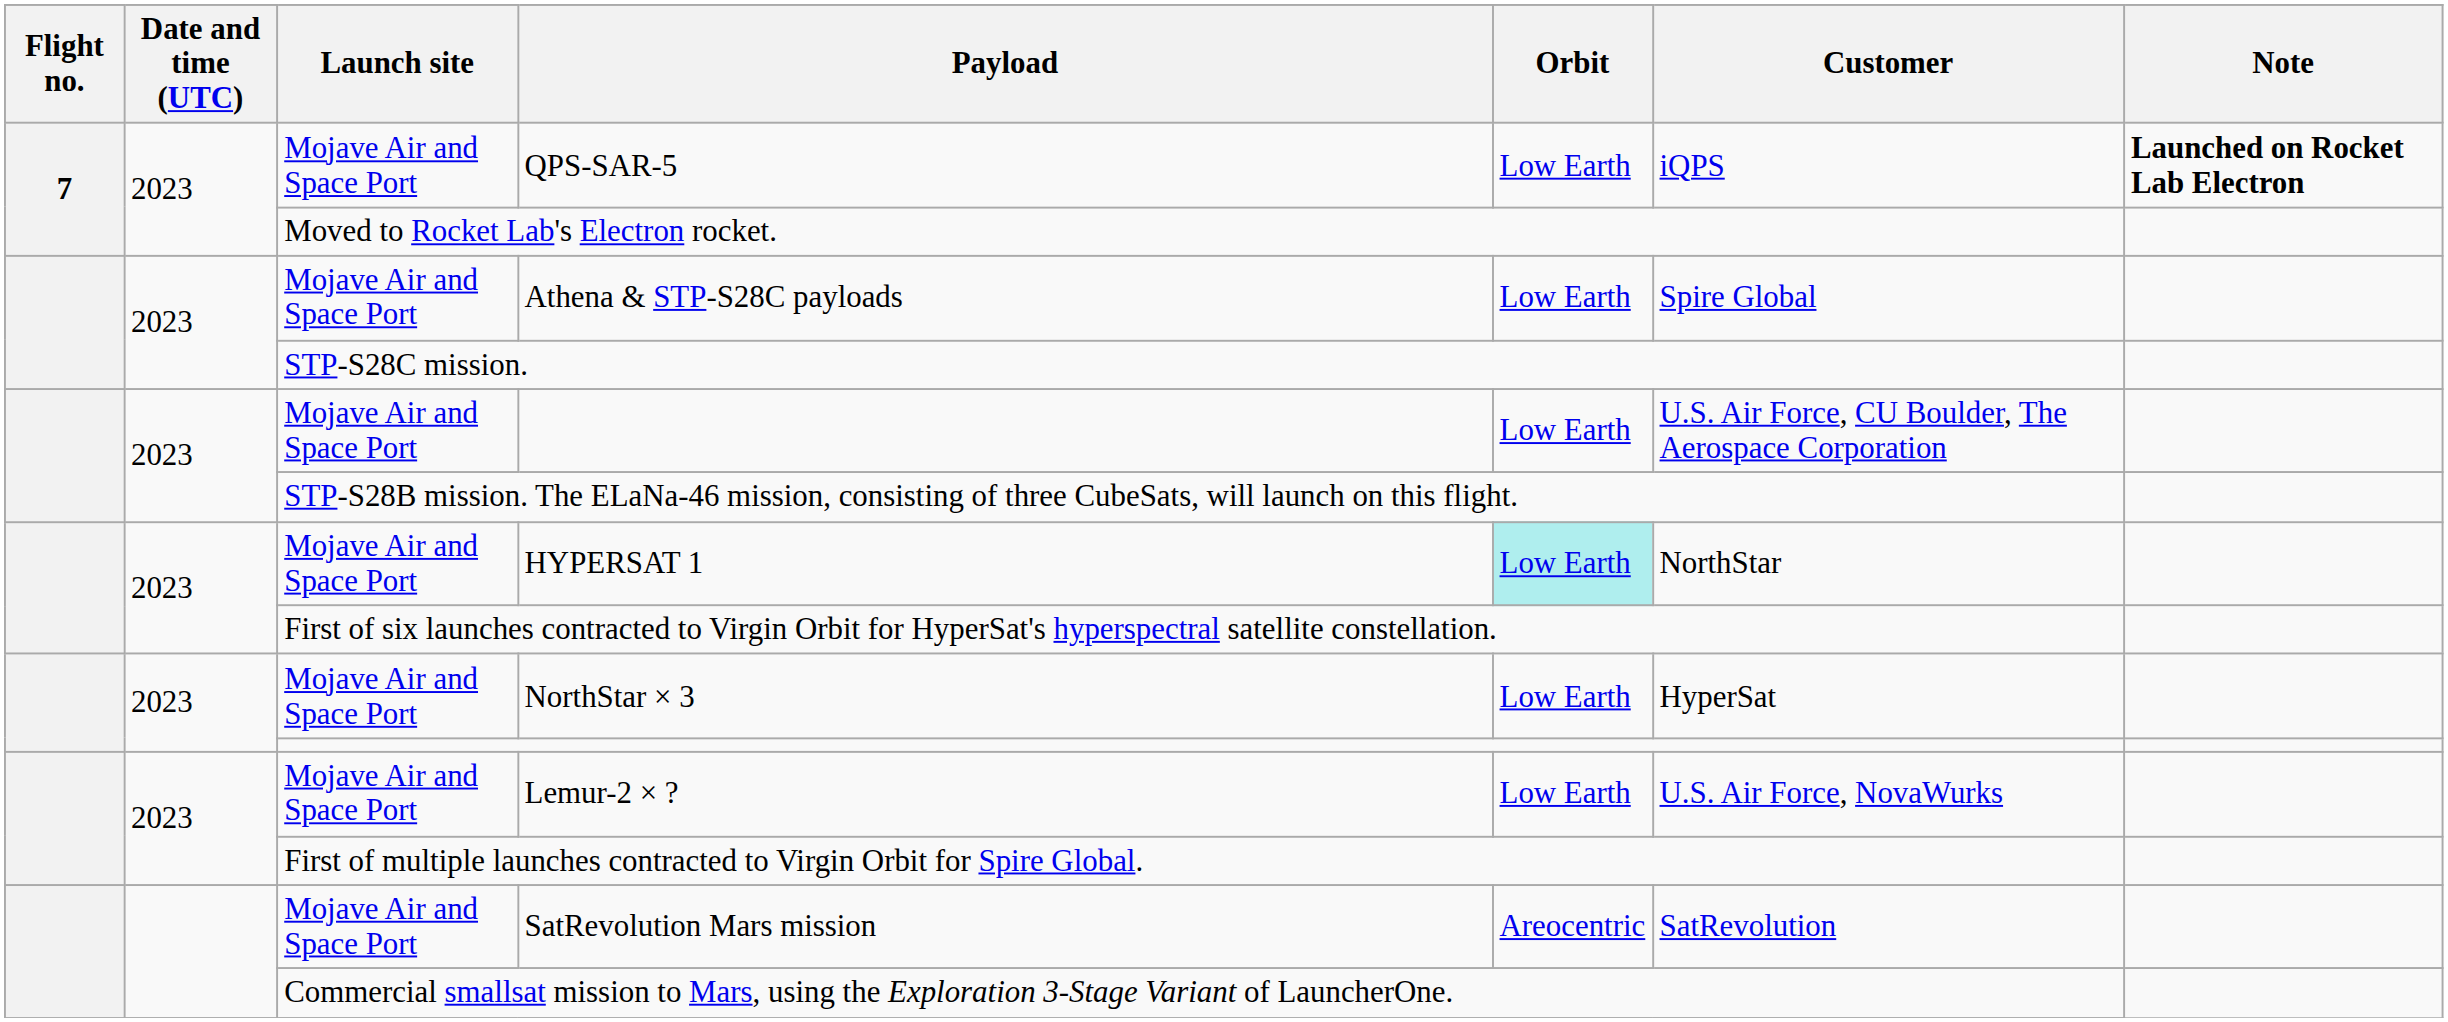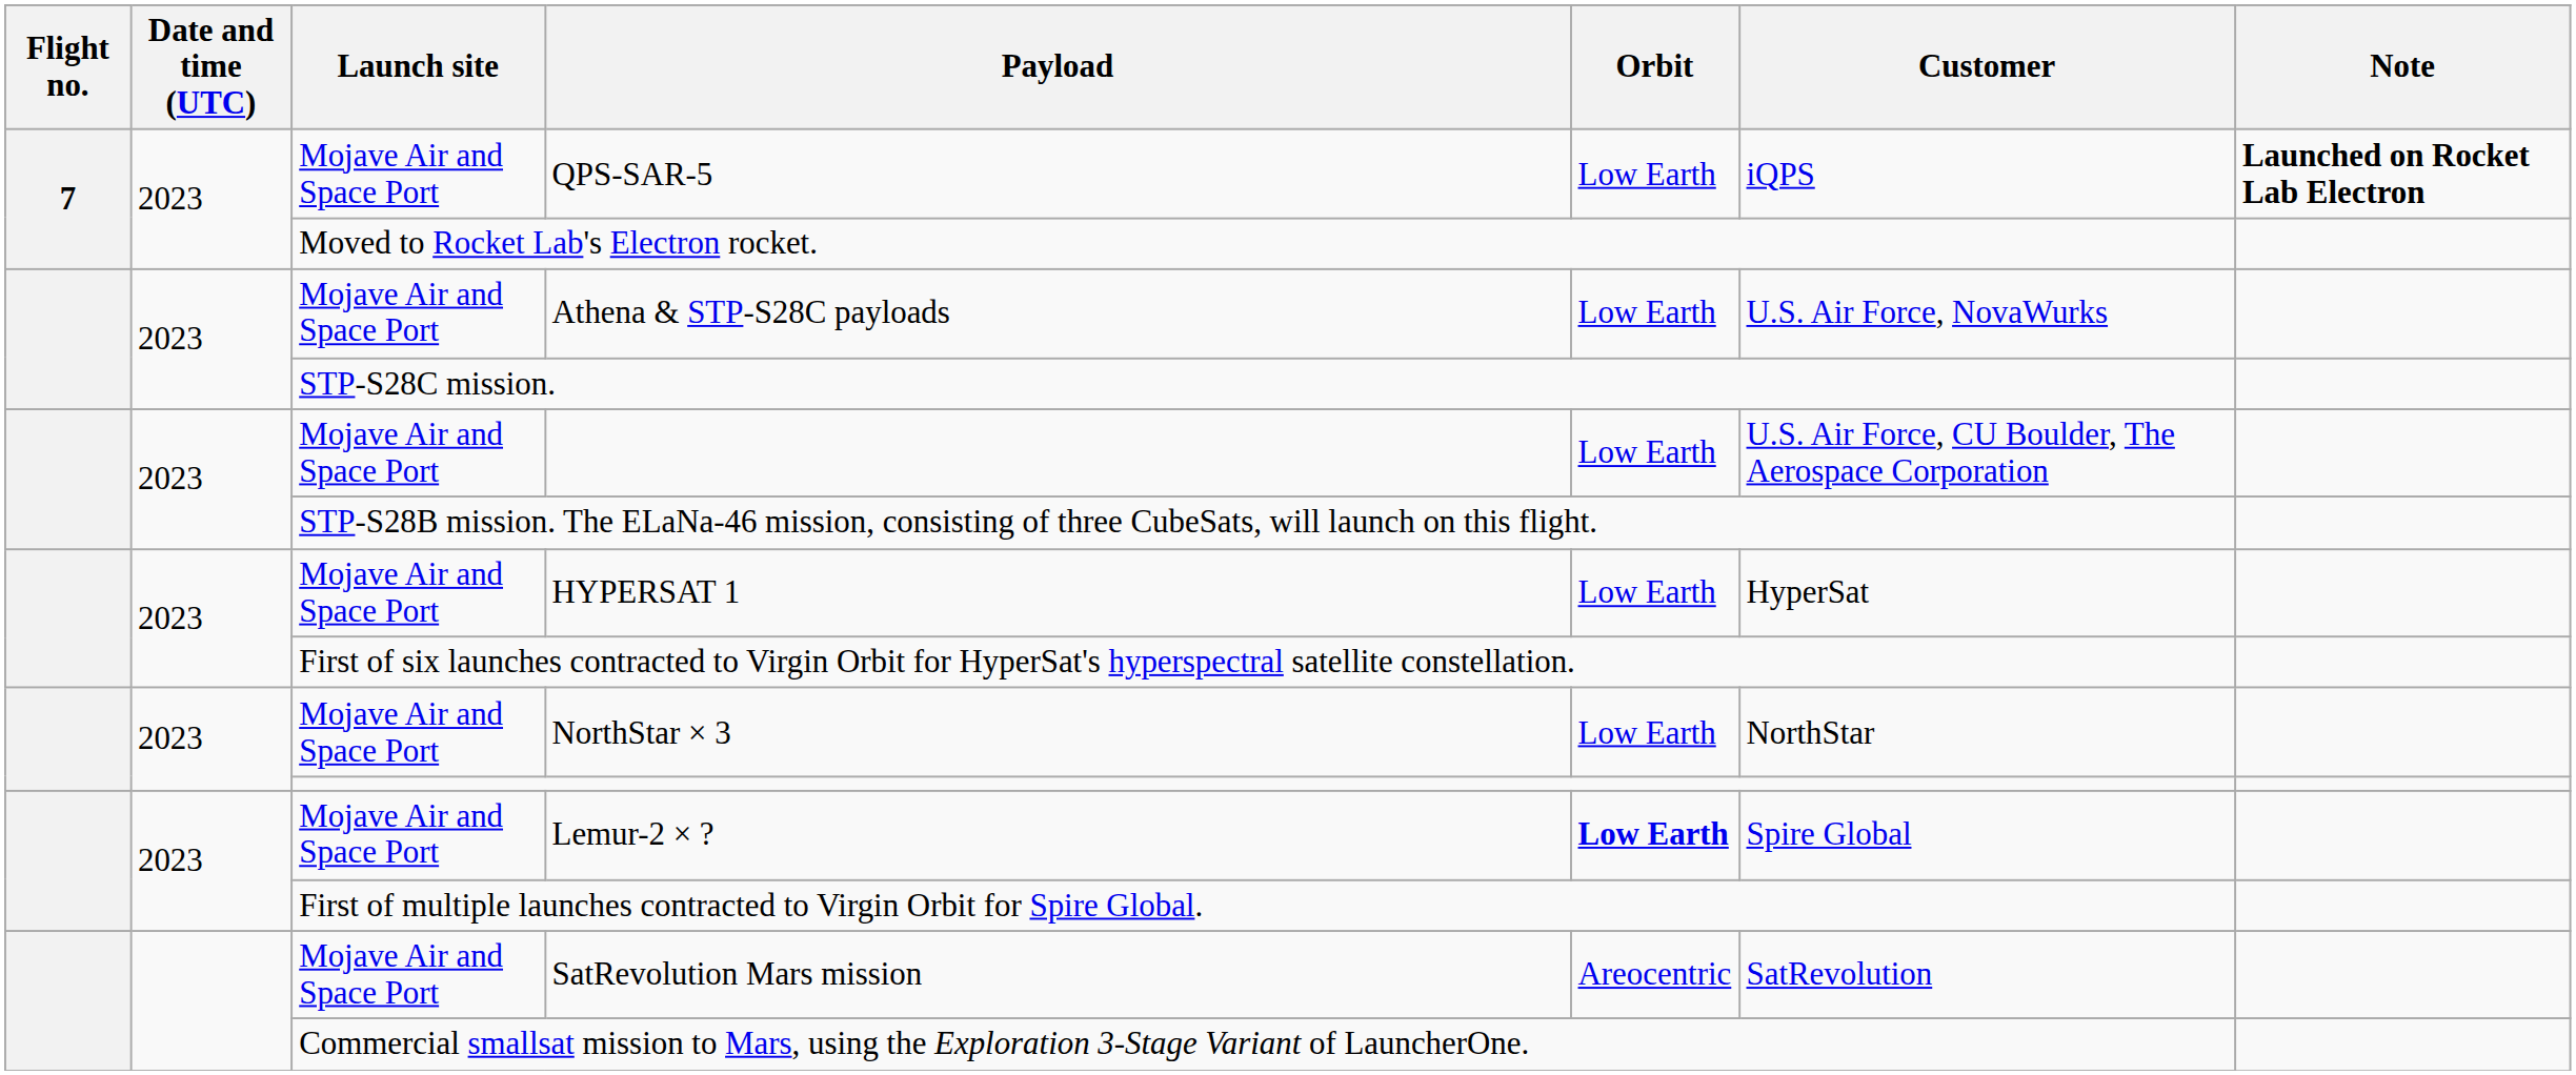 <table class="wikitable plainrowheaders" style="width: 100%;">
 <tr>
 <th scope="col">Flight no.</th>
 <th scope="col">Date and time<br>(<a href='#'>UTC</a>)</th>
 <th scope="col">Launch site</th>
 <th scope="col" width=40%>Payload</th>
 <th scope="col">Orbit</th>
 <th scope="col">Customer</th>
 <th scope="col">Note</th>
 </tr>
 <tr>
 <th rowspan=2>7</th>
 <td rowspan=2> 2023</td>
 <td><a href='#'>Mojave Air and Space Port</a></td>
 <td>QPS-SAR-5</td>
 <td><a href='#'>Low Earth</a></td>
 <td><a href='#'>iQPS</a></td>
 <td><strong>Launched on Rocket Lab Electron</strong></td>
 </tr>
 <tr>
 <td colspan=4>Moved to <a href='#'>Rocket Lab</a>'s <a href='#'>Electron</a> rocket.</td>
 </tr>
 <tr>
 <th rowspan=2></th>
 <td rowspan=2>2023</td>
 <td><a href='#'>Mojave Air and Space Port</a></td>
 <td>Athena & <a href='#'>STP</a>-S28C payloads</td>
 <td><a href='#'>Low Earth</a></td>
-<td><a href='#'>Spire Global</a></td>
+<td><a href='#'>U.S. Air Force</a>, <a href='#'>NovaWurks</a></td>
 <td></td>
 </tr>
 <tr>
 <td colspan=4><a href='#'>STP</a>-S28C mission.</td>
 </tr>
 <tr>
 <th rowspan=2></th>
 <td rowspan=2> 2023</td>
 <td><a href='#'>Mojave Air and Space Port</a></td>
 <td></td>
 <td><a href='#'>Low Earth</a></td>
 <td><a href='#'>U.S. Air Force</a>, <a href='#'>CU Boulder</a>, <a href='#'>The Aerospace Corporation</a></td>
 <td></td>
 </tr>
 <tr>
 <td colspan=4><a href='#'>STP</a>-S28B mission. The ELaNa-46 mission, consisting of three CubeSats, will launch on this flight.</td>
 </tr>
 <tr>
 <th rowspan=2></th>
 <td rowspan=2> 2023</td>
 <td><a href='#'>Mojave Air and Space Port</a></td>
 <td>HYPERSAT 1</td>
-<td style="background: paleturquoise;"><a href='#'>Low Earth</a></td>
-<td>NorthStar</td>
+<td><a href='#'>Low Earth</a></td>
+<td>HyperSat</td>
 <td></td>
 </tr>
 <tr>
 <td colspan=4>First of six launches contracted to Virgin Orbit for HyperSat's <a href='#'>hyperspectral</a> satellite constellation.</td>
 </tr>
 <tr>
 <th rowspan=2></th>
 <td rowspan=2> 2023</td>
 <td><a href='#'>Mojave Air and Space Port</a></td>
 <td>NorthStar × 3</td>
 <td><a href='#'>Low Earth</a></td>
-<td>HyperSat</td>
+<td>NorthStar</td>
 <td></td>
 </tr>
 <tr>
 <td colspan=4></td>
 </tr>
 <tr>
 <th rowspan=2></th>
 <td rowspan=2>2023</td>
 <td><a href='#'>Mojave Air and Space Port</a></td>
 <td>Lemur-2 × ?</td>
-<td><a href='#'>Low Earth</a></td>
-<td><a href='#'>U.S. Air Force</a>, <a href='#'>NovaWurks</a></td>
+<td><strong><a href='#'>Low Earth</a></strong></td>
+<td><a href='#'>Spire Global</a></td>
 <td></td>
 </tr>
 <tr>
 <td colspan=4>First of multiple launches contracted to Virgin Orbit for <a href='#'>Spire Global</a>.</td>
 </tr>
 <tr>
 <th rowspan=2></th>
 <td rowspan=2></td>
 <td><a href='#'>Mojave Air and Space Port</a></td>
 <td>SatRevolution Mars mission</td>
 <td><a href='#'>Areocentric</a></td>
 <td><a href='#'>SatRevolution</a></td>
 <td></td>
 </tr>
 <tr>
 <td colspan=4>Commercial <a href='#'>smallsat</a> mission to <a href='#'>Mars</a>, using the <em>Exploration 3-Stage Variant</em> of LauncherOne.</td>
 </tr>
 <tr>
 </tr>
 </table>
